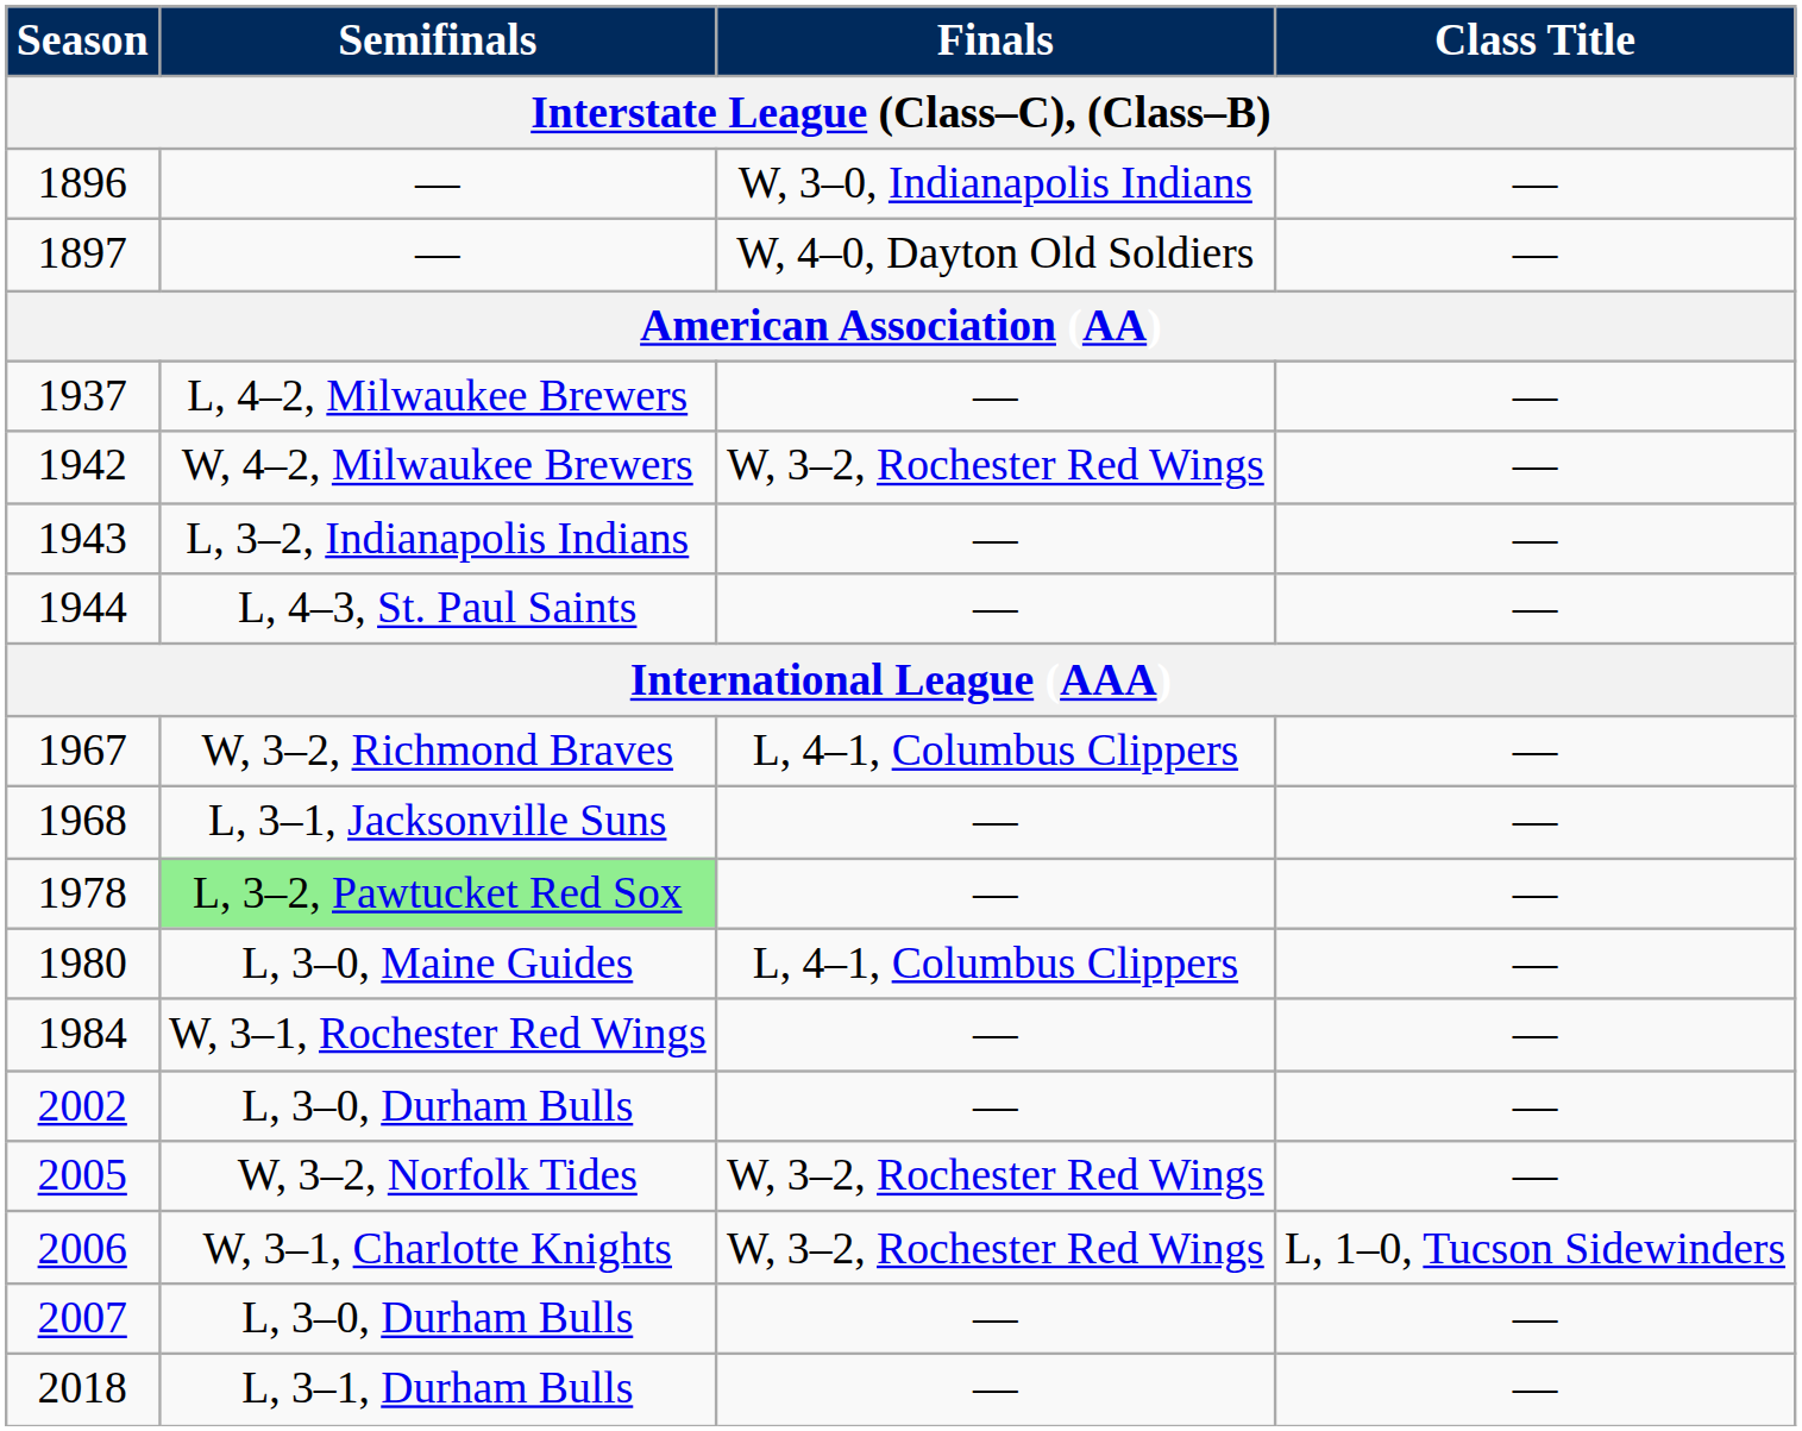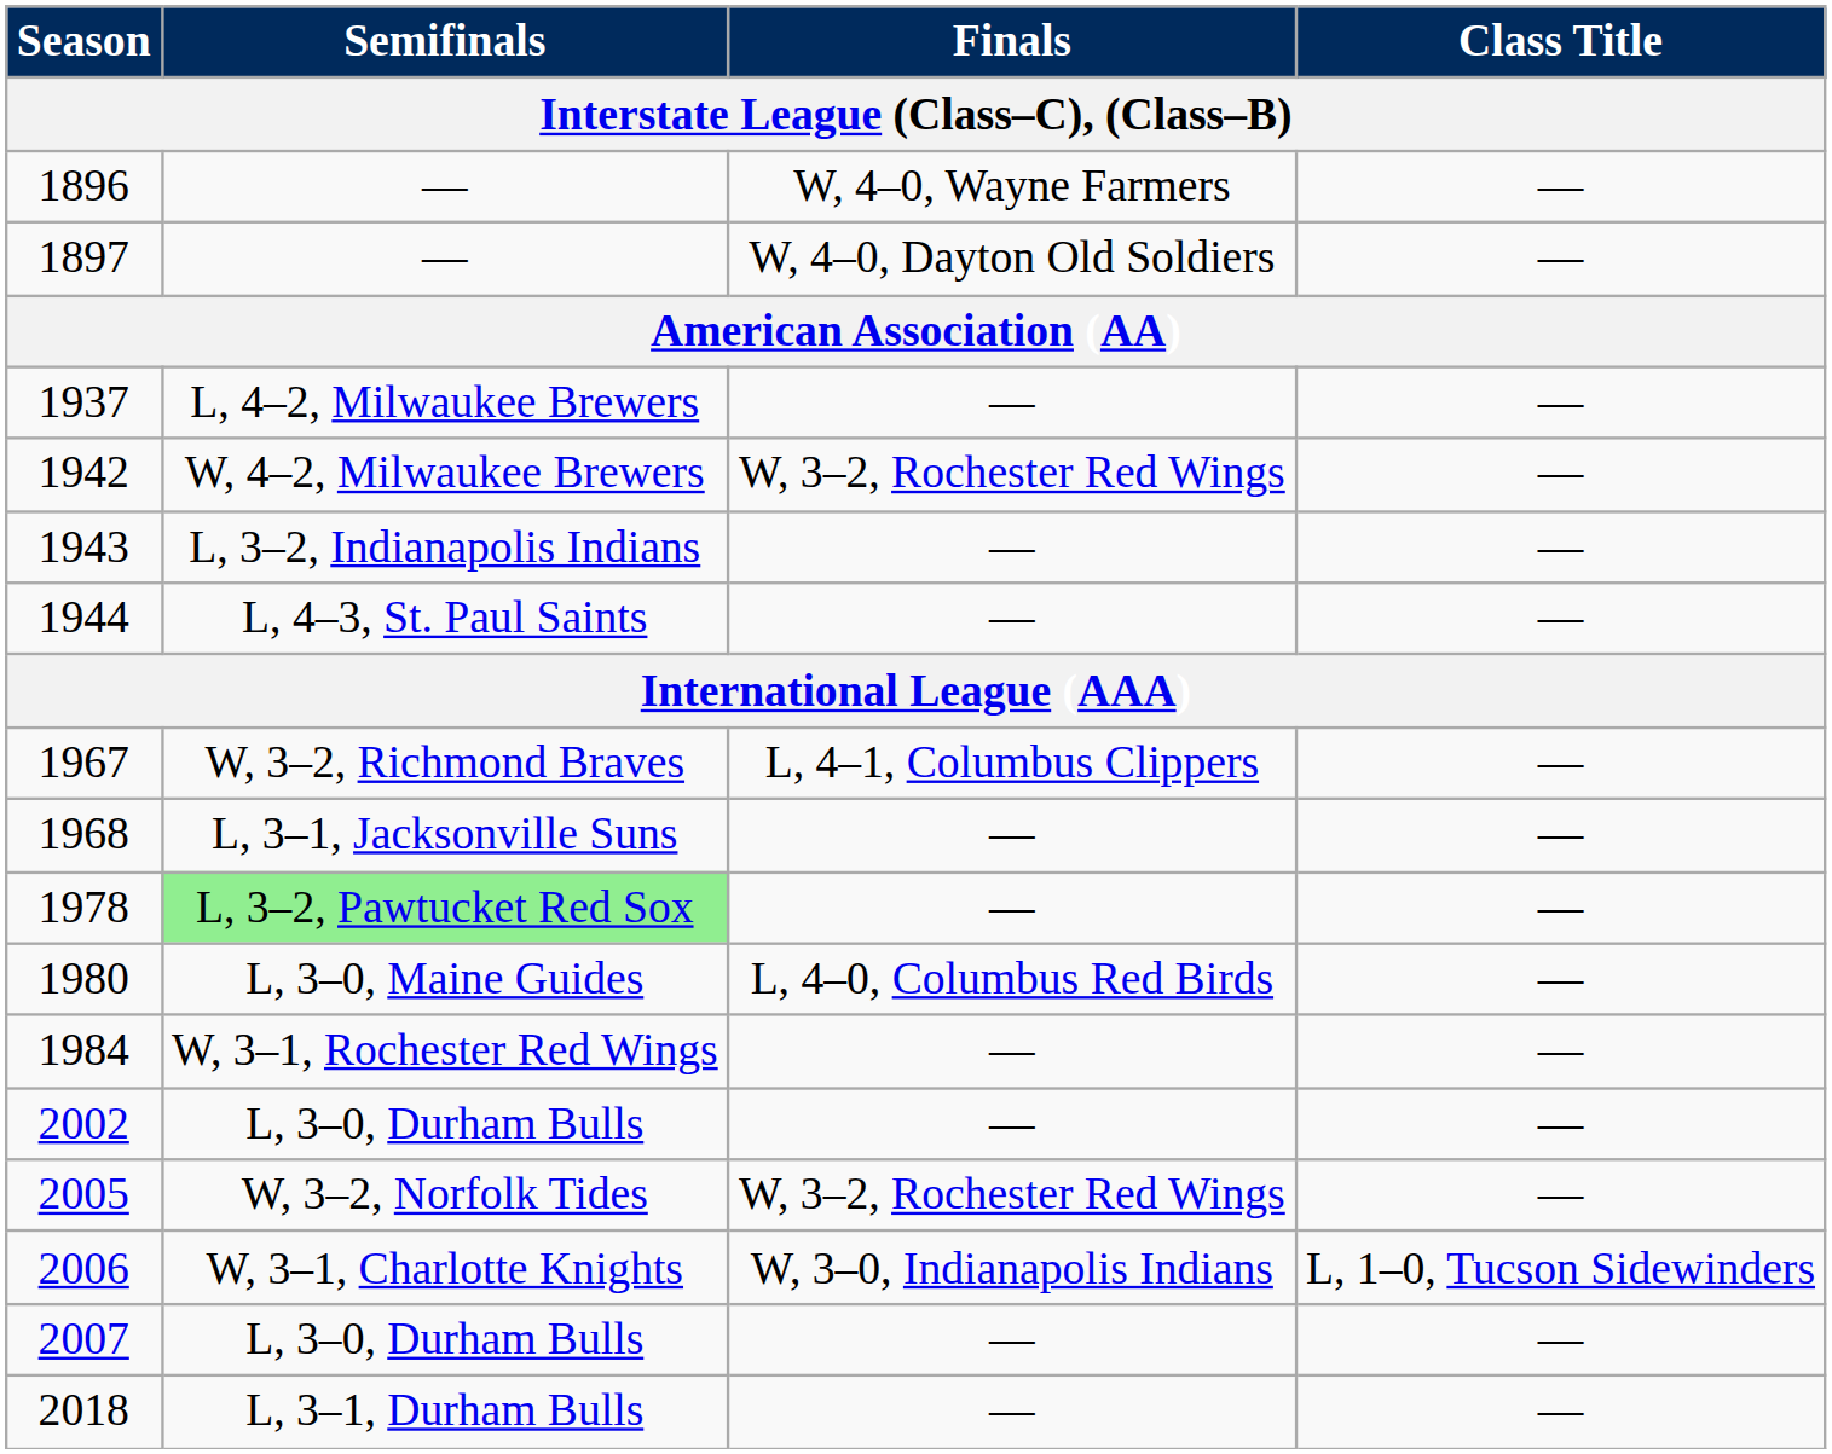 <table class="wikitable" style="text-align:center">
 <tr>
 <th scope="col" style="background: #002A5C; color: #FFFFFF">Season</th>
 <th scope="col" style="background: #002A5C; color: #FFFFFF">Semifinals</th>
 <th scope="col" style="background: #002A5C; color: #FFFFFF">Finals</th>
 <th scope="col" style="background: #002A5C; color: #FFFFFF">Class Title</th>
 </tr>
 <tr>
 <th colspan="16"><a href='#'>Interstate League</a> (Class–C), (Class–B)</th>
 </tr>
 <tr>
 <td>1896</td>
 <td>—</td>
-<td>W, 3–0, <a href='#'>Indianapolis Indians</a></td>
+<td>W, 4–0, Wayne Farmers</td>
 <td>—</td>
 </tr>
 <tr>
 <td>1897</td>
 <td>—</td>
 <td>W, 4–0, Dayton Old Soldiers</td>
 <td>—</td>
 </tr>
 <tr>
 <th colspan="16" style="#E71629; color:#FFFFFF"><a href='#'>American Association</a> (<a href='#'>AA</a>)</th>
 </tr>
 <tr>
 <td>1937</td>
 <td>L, 4–2, <a href='#'>Milwaukee Brewers</a></td>
 <td>—</td>
 <td>—</td>
 </tr>
 <tr>
 <td>1942</td>
 <td>W, 4–2, <a href='#'>Milwaukee Brewers</a></td>
 <td>W, 3–2, <a href='#'>Rochester Red Wings</a></td>
 <td>—</td>
 </tr>
 <tr>
 <td>1943</td>
 <td>L, 3–2, <a href='#'>Indianapolis Indians</a></td>
 <td>—</td>
 <td>—</td>
 </tr>
 <tr>
 <td>1944</td>
 <td>L, 4–3, <a href='#'>St. Paul Saints</a></td>
 <td>—</td>
 <td>—</td>
 </tr>
 <tr>
 <th colspan="16" style="#E71629; color:#FFFFFF"><a href='#'>International League</a> (<a href='#'>AAA</a>)</th>
 </tr>
 <tr>
 <td>1967</td>
 <td>W, 3–2, <a href='#'>Richmond Braves</a></td>
 <td>L, 4–1, <a href='#'>Columbus Clippers</a></td>
 <td>—</td>
 </tr>
 <tr>
 <td>1968</td>
 <td>L, 3–1, <a href='#'>Jacksonville Suns</a></td>
 <td>—</td>
 <td>—</td>
 </tr>
 <tr>
 <td>1978</td>
 <td style="background: lightgreen;">L, 3–2, <a href='#'>Pawtucket Red Sox</a></td>
 <td>—</td>
 <td>—</td>
 </tr>
 <tr>
 <td>1980</td>
 <td>L, 3–0, <a href='#'>Maine Guides</a></td>
-<td>L, 4–1, <a href='#'>Columbus Clippers</a></td>
+<td>L, 4–0, <a href='#'>Columbus Red Birds</a></td>
 <td>—</td>
 </tr>
 <tr>
 <td>1984</td>
 <td>W, 3–1, <a href='#'>Rochester Red Wings</a></td>
 <td>—</td>
 <td>—</td>
 </tr>
 <tr>
 <td><a href='#'>2002</a></td>
 <td>L, 3–0, <a href='#'>Durham Bulls</a></td>
 <td>—</td>
 <td>—</td>
 </tr>
 <tr>
 <td><a href='#'>2005</a></td>
 <td>W, 3–2, <a href='#'>Norfolk Tides</a></td>
 <td>W, 3–2, <a href='#'>Rochester Red Wings</a></td>
 <td>—</td>
 </tr>
 <tr>
 <td><a href='#'>2006</a></td>
 <td>W, 3–1, <a href='#'>Charlotte Knights</a></td>
-<td>W, 3–2, <a href='#'>Rochester Red Wings</a></td>
+<td>W, 3–0, <a href='#'>Indianapolis Indians</a></td>
 <td>L, 1–0, <a href='#'>Tucson Sidewinders</a></td>
 </tr>
 <tr>
 <td><a href='#'>2007</a></td>
 <td>L, 3–0, <a href='#'>Durham Bulls</a></td>
 <td>—</td>
 <td>—</td>
 </tr>
 <tr>
 <td scope="row">2018</td>
 <td>L, 3–1, <a href='#'>Durham Bulls</a></td>
 <td>—</td>
 <td>—</td>
 </tr>
 </table>
